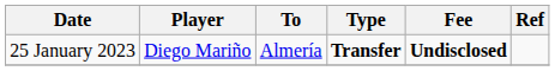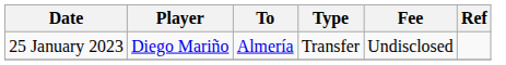 <table class="wikitable">
 <tr>
 <th>Date</th>
 <th>Player</th>
 <th>To</th>
 <th>Type</th>
 <th>Fee</th>
 <th>Ref</th>
 </tr>
 <tr>
 <td>25 January 2023</td>
 <td> <a href='#'>Diego Mariño</a></td>
 <td><a href='#'>Almería</a></td>
-<td align=center><strong>Transfer</strong></td>
-<td align=center><strong>Undisclosed</strong></td>
+<td align=center>Transfer</td>
+<td align=center>Undisclosed</td>
 <td align=center></td>
 </tr>
 <tr>
 </tr>
 </table>
